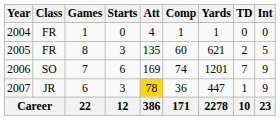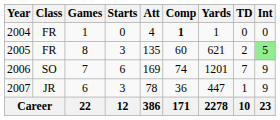 <table class="wikitable" style="text-align:center">
 <tr>
 <th>Year</th>
 <th>Class</th>
 <th>Games</th>
 <th>Starts</th>
 <th>Att</th>
 <th>Comp</th>
 <th>Yards</th>
 <th>TD</th>
 <th>Int</th>
 </tr>
 <tr>
 <td>2004</td>
 <td>FR</td>
 <td>1</td>
 <td>0</td>
 <td>4</td>
-<td>1</td>
+<td><strong>1</strong></td>
 <td>1</td>
 <td>0</td>
 <td>0</td>
 </tr>
 <tr>
 <td>2005</td>
 <td>FR</td>
 <td>8</td>
 <td>3</td>
 <td>135</td>
 <td>60</td>
 <td>621</td>
 <td>2</td>
-<td>5</td>
+<td style="background: lightgreen;">5</td>
 </tr>
 <tr>
 <td>2006</td>
 <td>SO</td>
 <td>7</td>
 <td>6</td>
 <td>169</td>
 <td>74</td>
 <td>1201</td>
 <td>7</td>
 <td>9</td>
 </tr>
 <tr>
 <td>2007</td>
 <td>JR</td>
 <td>6</td>
 <td>3</td>
-<td style="background: gold;">78</td>
+<td>78</td>
 <td>36</td>
 <td>447</td>
 <td>1</td>
 <td>9</td>
 </tr>
 <tr>
 <th colspan="2">Career</th>
 <th>22</th>
 <th>12</th>
 <th>386</th>
 <th>171</th>
 <th>2278</th>
 <th>10</th>
 <th>23</th>
 </tr>
 </table>
